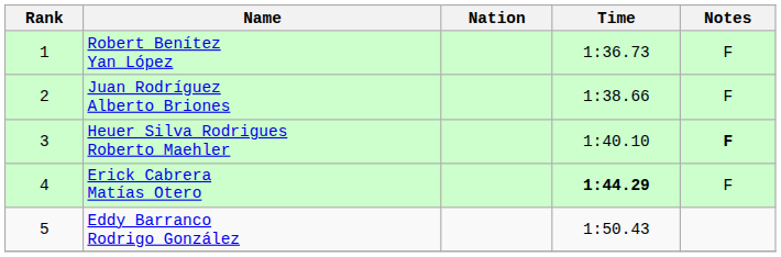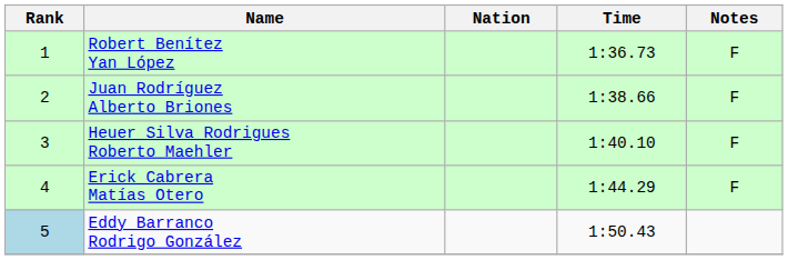 <table class="wikitable sortable" style="text-align:center" width=50%>
 <tr>
 <th>Rank</th>
 <th>Name</th>
 <th>Nation</th>
 <th>Time</th>
 <th>Notes</th>
 </tr>
 <tr bgcolor=ccffcc>
 <td>1</td>
 <td align=left><a href='#'>Robert Benítez</a><br><a href='#'>Yan López</a></td>
 <td align=left></td>
 <td>1:36.73</td>
 <td>F</td>
 </tr>
 <tr bgcolor=ccffcc>
 <td>2</td>
 <td align=left><a href='#'>Juan Rodríguez</a><br><a href='#'>Alberto Briones</a></td>
 <td align=left></td>
 <td>1:38.66</td>
 <td>F</td>
 </tr>
 <tr bgcolor=ccffcc>
 <td>3</td>
 <td align=left><a href='#'>Heuer Silva Rodrigues</a><br><a href='#'>Roberto Maehler</a></td>
 <td align=left></td>
 <td>1:40.10</td>
-<td><strong>F</strong></td>
+<td>F</td>
 </tr>
 <tr bgcolor=ccffcc>
 <td>4</td>
 <td align=left><a href='#'>Erick Cabrera</a><br><a href='#'>Matías Otero</a></td>
 <td align=left></td>
-<td><strong>1:44.29</strong></td>
+<td>1:44.29</td>
 <td>F</td>
 </tr>
 <tr>
-<td>5</td>
+<td style="background: lightblue;">5</td>
 <td align=left><a href='#'>Eddy Barranco</a><br><a href='#'>Rodrigo González</a></td>
 <td align=left></td>
 <td>1:50.43</td>
 <td></td>
 </tr>
 <tr>
 </tr>
 </table>
